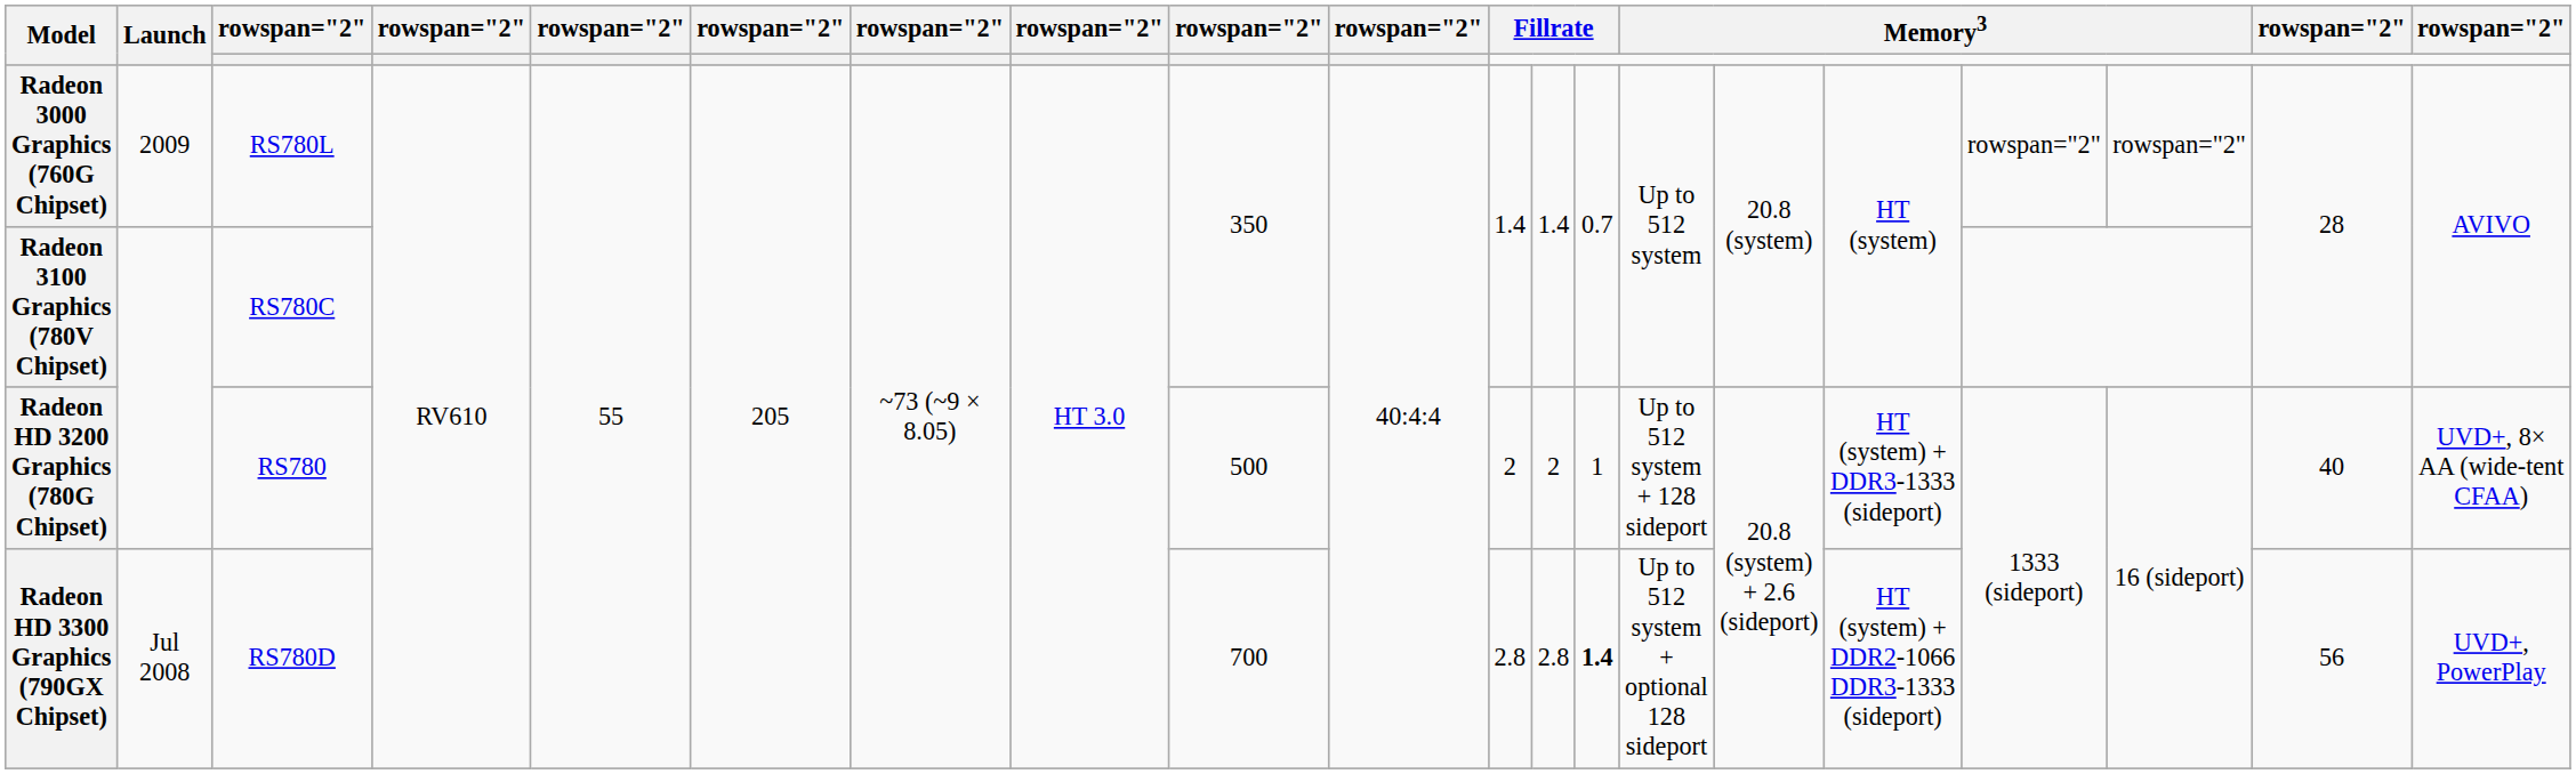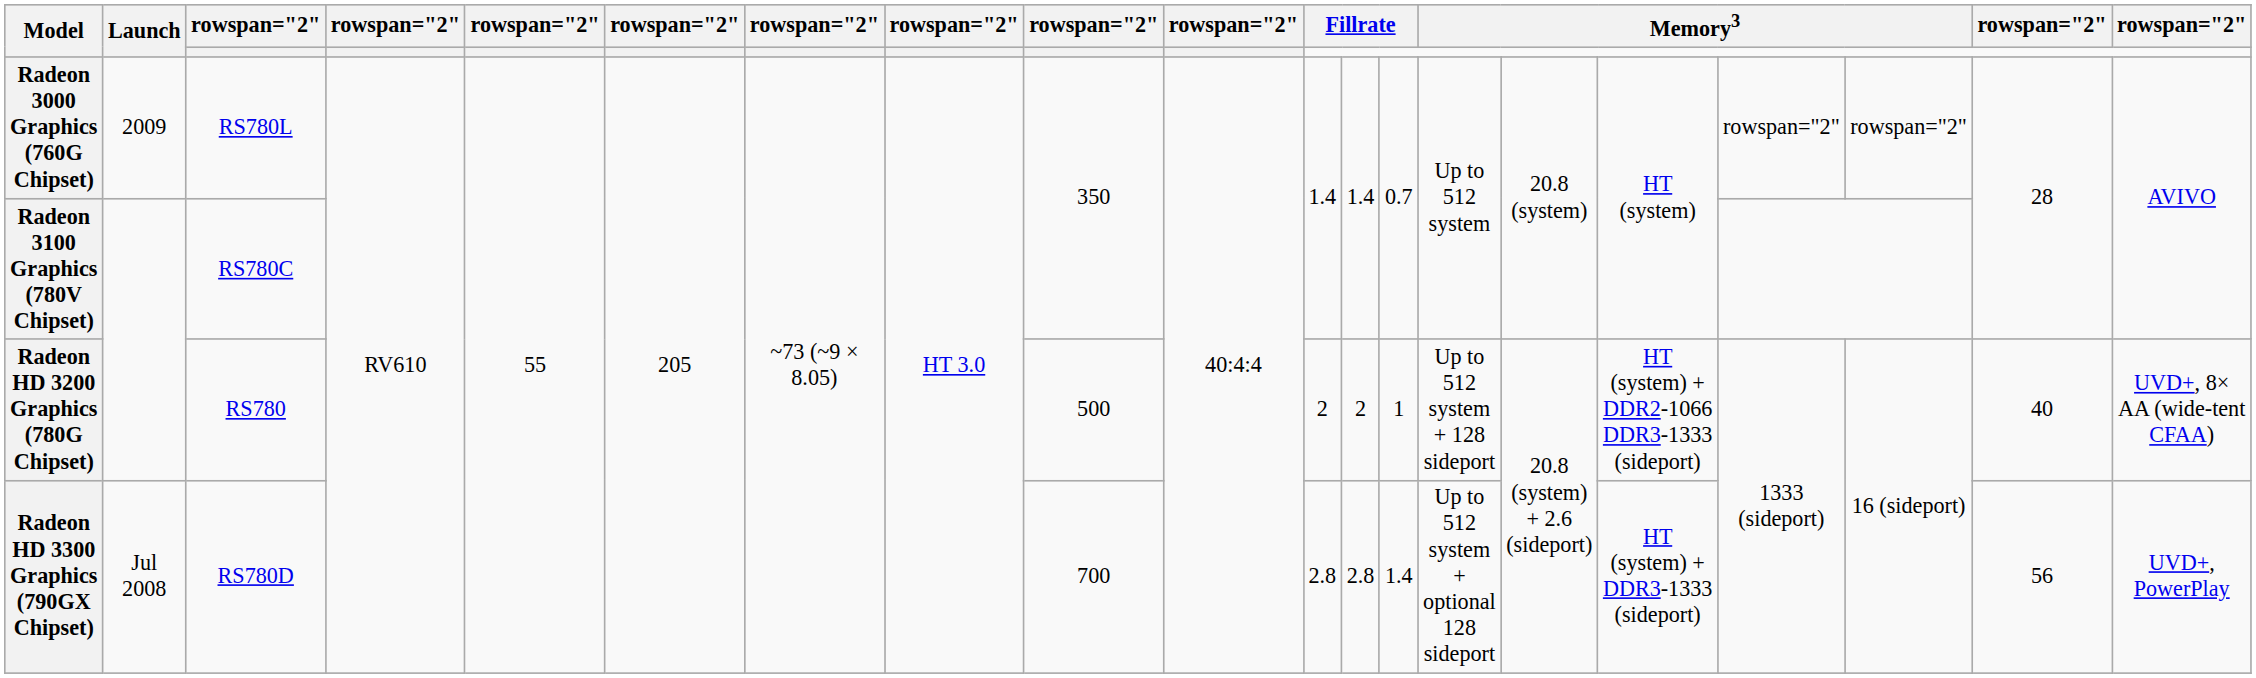 <table class="mw-datatable wikitable sortable" style="font-size:85%; text-align:center;">
 <tr>
 <th rowspan="2" style="width:12em">Model</th>
 <th rowspan="2">Launch</th>
 <th>rowspan="2" </th>
 <th>rowspan="2" </th>
 <th>rowspan="2" </th>
 <th>rowspan="2" </th>
 <th>rowspan="2" </th>
 <th>rowspan="2" </th>
 <th>rowspan="2" </th>
 <th>rowspan="2" </th>
 <th colspan="3"><a href='#'>Fillrate</a></th>
 <th colspan="5">Memory<sup>3</sup></th>
 <th>rowspan="2" </th>
 <th>rowspan="2" </th>
 </tr>
 <tr>
 <th></th>
 <th></th>
 <th></th>
 <th></th>
 <th></th>
 <th></th>
 <th></th>
 <th></th>
 </tr>
 <tr>
 <th>Radeon 3000 Graphics (760G Chipset)</th>
 <td>2009</td>
 <td><a href='#'>RS780L</a></td>
 <td rowspan="4">RV610</td>
 <td rowspan="4">55</td>
 <td rowspan="4">205</td>
 <td rowspan="4">~73 (~9 × 8.05)</td>
 <td rowspan="4"><a href='#'>HT 3.0</a></td>
 <td rowspan="2">350</td>
 <td rowspan="4">40:4:4</td>
 <td rowspan="2">1.4</td>
 <td rowspan="2">1.4</td>
 <td rowspan="2">0.7</td>
 <td rowspan="2">Up to 512 system</td>
 <td rowspan="2">20.8 (system)</td>
 <td rowspan="2"><a href='#'>HT</a> (system)</td>
 <td>rowspan="2" </td>
 <td>rowspan="2" </td>
 <td rowspan="2">28</td>
 <td rowspan="2"><a href='#'>AVIVO</a></td>
 </tr>
 <tr>
 <th>Radeon 3100 Graphics (780V Chipset)</th>
 <td rowspan="2"></td>
 <td><a href='#'>RS780C</a></td>
 </tr>
 <tr>
 <th>Radeon HD 3200 Graphics (780G Chipset)</th>
 <td><a href='#'>RS780</a></td>
 <td>500</td>
 <td>2</td>
 <td>2</td>
 <td>1</td>
 <td>Up to 512 system + 128 sideport</td>
 <td rowspan="2">20.8 (system) + 2.6 (sideport)</td>
-<td><a href='#'>HT</a> (system) + <a href='#'>DDR3</a>-1333 (sideport)</td>
+<td><a href='#'>HT</a> (system) + <a href='#'>DDR2</a>-1066 <a href='#'>DDR3</a>-1333 (sideport)</td>
 <td rowspan="2">1333 (sideport)</td>
 <td rowspan="2">16 (sideport)</td>
 <td>40</td>
 <td><a href='#'>UVD+</a>, 8× AA (wide-tent <a href='#'>CFAA</a>)</td>
 </tr>
 <tr>
 <th>Radeon HD 3300 Graphics (790GX Chipset)</th>
 <td>Jul 2008</td>
 <td><a href='#'>RS780D</a></td>
 <td>700</td>
 <td>2.8</td>
 <td>2.8</td>
-<td><strong>1.4</strong></td>
+<td>1.4</td>
 <td>Up to 512 system + optional 128 sideport</td>
-<td><a href='#'>HT</a> (system) + <a href='#'>DDR2</a>-1066 <a href='#'>DDR3</a>-1333 (sideport)</td>
+<td><a href='#'>HT</a> (system) + <a href='#'>DDR3</a>-1333 (sideport)</td>
 <td>56</td>
 <td><a href='#'>UVD+</a>, <a href='#'>PowerPlay</a></td>
 </tr>
 </table>
